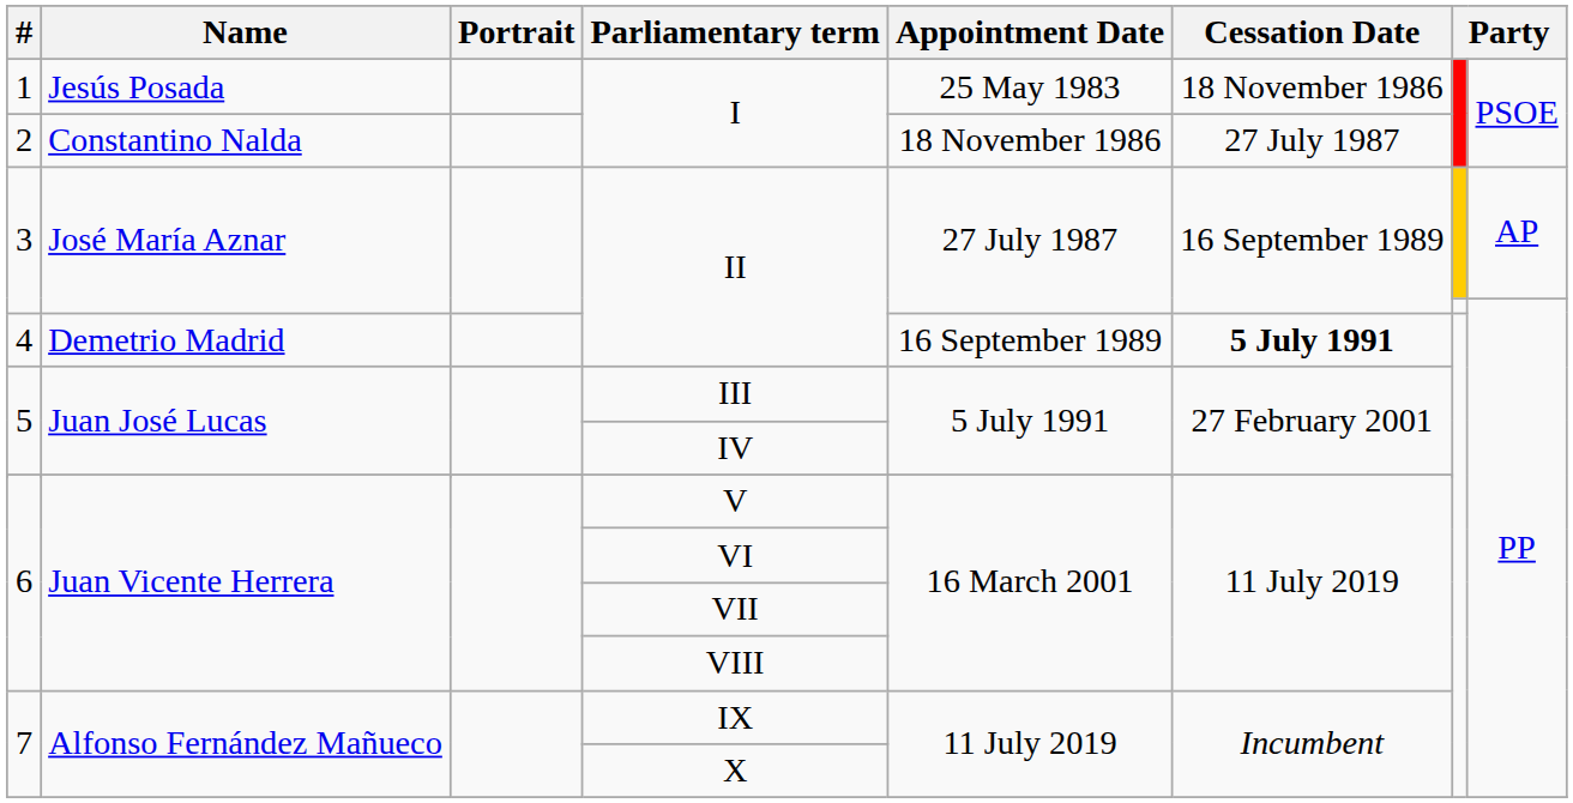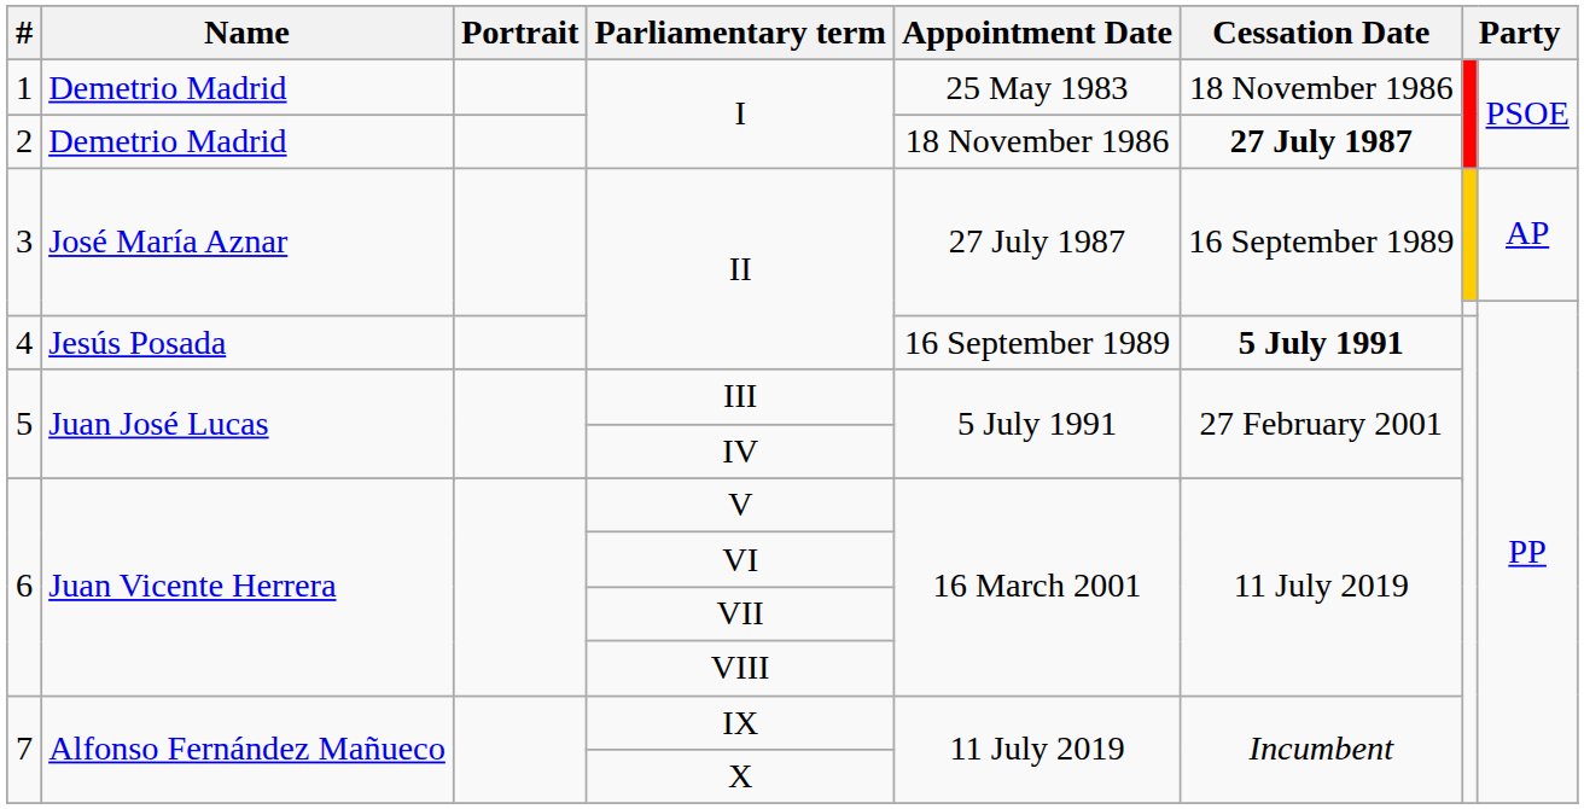 <table class="wikitable" style="margin:1em auto;">
 <tr bgcolor=cccccc>
 <th>#</th>
 <th>Name</th>
 <th>Portrait</th>
 <th>Parliamentary term</th>
 <th>Appointment Date</th>
 <th>Cessation Date</th>
 <th colspan= 2>Party</th>
 </tr>
 <tr>
 <td align='center'>1</td>
-<td><a href='#'>Jesús Posada</a></td>
+<td><a href='#'>Demetrio Madrid</a></td>
 <td></td>
 <td align='center' rowspan=2>I</td>
 <td align='center'>25 May 1983</td>
 <td align='center'>18 November 1986</td>
 <td style="background: #FF0000" rowspan=2></td>
 <td align='center' rowspan=2><a href='#'>PSOE</a></td>
 </tr>
 <tr>
 <td align='center'>2</td>
-<td><a href='#'>Constantino Nalda</a></td>
+<td><a href='#'>Demetrio Madrid</a></td>
 <td></td>
 <td align='center'>18 November 1986</td>
-<td align='center'>27 July 1987</td>
+<td align='center'><strong>27 July 1987</strong></td>
 </tr>
 <tr>
 <td align='center' rowspan=2>3</td>
 <td rowspan=2><a href='#'>José María Aznar</a></td>
 <td align='center' rowspan=2></td>
 <td align='center' rowspan=3>II</td>
 <td align='center' rowspan=2>27 July 1987</td>
 <td align='center' rowspan=2>16 September 1989</td>
 <td style="background: #FFCD00;"></td>
 <td align='center'><br><a href='#'>AP</a><br><br></td>
 </tr>
 <tr>
 <td style="background:"></td>
 <td rowspan="11" align="center"><a href='#'>PP</a></td>
 </tr>
 <tr>
 <td align='center'>4</td>
-<td><a href='#'>Demetrio Madrid</a></td>
+<td><a href='#'>Jesús Posada</a></td>
 <td></td>
 <td align='center'>16 September 1989</td>
 <td align='center'><strong>5 July 1991</strong></td>
 </tr>
 <tr>
 <td align='center' rowspan=3>5</td>
 <td rowspan=3><a href='#'>Juan José Lucas</a></td>
 <td align='center' rowspan=3></td>
 <td align='center'>III</td>
 <td align='center' rowspan=3>5 July 1991</td>
 <td align='center' rowspan=3>27 February 2001</td>
 </tr>
 <tr>
 <td align='center'>IV</td>
 </tr>
 <tr>
 <td align='center' rowspan=2>V</td>
 </tr>
 <tr>
 <td align='center' rowspan=4>6</td>
 <td rowspan=4><a href='#'>Juan Vicente Herrera</a></td>
 <td align='center' rowspan=4></td>
 <td align='center' rowspan=4>16 March 2001</td>
 <td align='center' rowspan=4>11 July 2019</td>
 </tr>
 <tr>
 <td align='center'>VI</td>
 </tr>
 <tr>
 <td align='center'>VII</td>
 </tr>
 <tr>
 <td align='center'>VIII</td>
 </tr>
 <tr>
 <td rowspan="2" align="center">7</td>
 <td rowspan="2"><a href='#'>Alfonso Fernández Mañueco</a></td>
 <td rowspan="2" align="center"></td>
 <td align='center'>IX</td>
 <td rowspan="2" align="center">11 July 2019</td>
 <td rowspan="2" align="center"><em>Incumbent</em></td>
 </tr>
 <tr>
 <td align='center'>X</td>
 </tr>
 </table>
